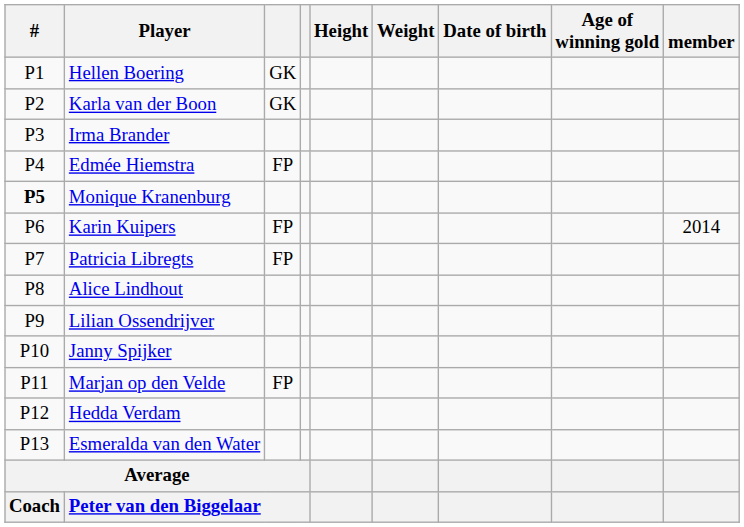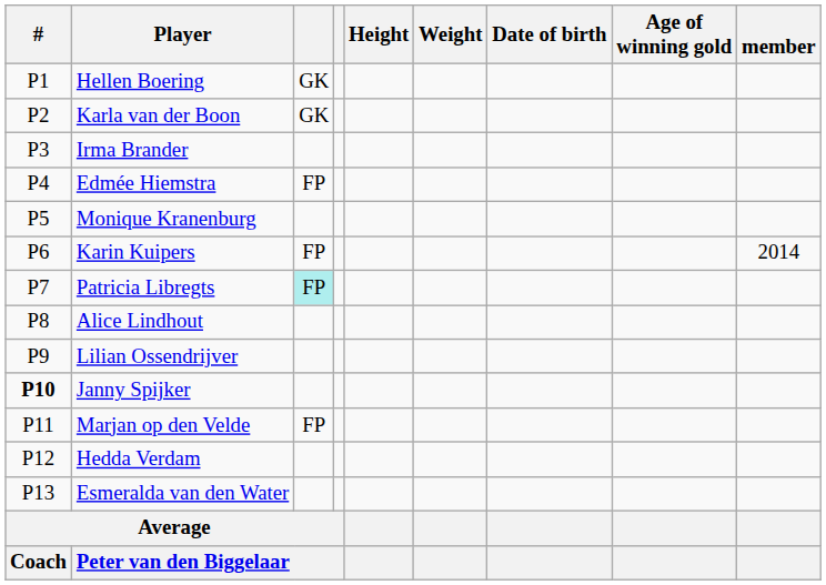 <table class="wikitable sortable" style="text-align: center; font-size: 85%; margin-left: 1em;">
 <tr>
 <th>#</th>
 <th>Player</th>
 <th></th>
 <th></th>
 <th>Height</th>
 <th>Weight</th>
 <th>Date of birth</th>
 <th>Age of<br>winning gold</th>
 <th><br>member</th>
 </tr>
 <tr>
 <td>P1</td>
 <td style="text-align: left;" data-sort-value="Boering, Hellen"><a href='#'>Hellen Boering</a></td>
 <td>GK</td>
 <td></td>
 <td style="text-align: left;"></td>
 <td style="text-align: right;"></td>
 <td style="text-align: right;"></td>
 <td style="text-align: left;"></td>
 <td></td>
 </tr>
 <tr>
 <td>P2</td>
 <td style="text-align: left;" data-sort-value="van der Boon, Karla"><a href='#'>Karla van der Boon</a></td>
 <td>GK</td>
 <td></td>
 <td style="text-align: left;"></td>
 <td style="text-align: right;"></td>
 <td style="text-align: right;"></td>
 <td style="text-align: left;"></td>
 <td></td>
 </tr>
 <tr>
 <td>P3</td>
 <td style="text-align: left;" data-sort-value="Brander, Irma"><a href='#'>Irma Brander</a></td>
 <td></td>
 <td></td>
 <td style="text-align: left;"></td>
 <td style="text-align: right;"></td>
 <td style="text-align: right;"></td>
 <td style="text-align: left;"></td>
 <td></td>
 </tr>
 <tr>
 <td>P4</td>
 <td style="text-align: left;" data-sort-value="Hiemstra, Edmée"><a href='#'>Edmée Hiemstra</a></td>
 <td>FP</td>
 <td></td>
 <td style="text-align: left;"></td>
 <td style="text-align: right;"></td>
 <td style="text-align: right;"></td>
 <td style="text-align: left;"></td>
 <td></td>
 </tr>
 <tr>
-<td><strong>P5</strong></td>
+<td>P5</td>
 <td style="text-align: left;" data-sort-value="Kranenburg, Monique"><a href='#'>Monique Kranenburg</a></td>
 <td></td>
 <td></td>
 <td style="text-align: left;"></td>
 <td style="text-align: right;"></td>
 <td style="text-align: right;"></td>
 <td style="text-align: left;"></td>
 <td></td>
 </tr>
 <tr>
 <td>P6</td>
 <td style="text-align: left;" data-sort-value="Kuipers, Karin"><a href='#'>Karin Kuipers</a></td>
 <td>FP</td>
 <td></td>
 <td style="text-align: left;"></td>
 <td style="text-align: right;"></td>
 <td style="text-align: right;"></td>
 <td style="text-align: left;"></td>
 <td>2014</td>
 </tr>
 <tr>
 <td>P7</td>
 <td style="text-align: left;" data-sort-value="Libregts, Patricia"><a href='#'>Patricia Libregts</a></td>
-<td>FP</td>
+<td style="background: paleturquoise;">FP</td>
 <td></td>
 <td style="text-align: left;"></td>
 <td style="text-align: right;"></td>
 <td style="text-align: right;"></td>
 <td style="text-align: left;"></td>
 <td></td>
 </tr>
 <tr>
 <td>P8</td>
 <td style="text-align: left;" data-sort-value="Lindhout, Alice"><a href='#'>Alice Lindhout</a></td>
 <td></td>
 <td></td>
 <td style="text-align: left;"></td>
 <td style="text-align: right;"></td>
 <td style="text-align: right;"></td>
 <td style="text-align: left;"></td>
 <td></td>
 </tr>
 <tr>
 <td>P9</td>
 <td style="text-align: left;" data-sort-value="Ossendrijver, Lilian"><a href='#'>Lilian Ossendrijver</a></td>
 <td></td>
 <td></td>
 <td style="text-align: left;"></td>
 <td style="text-align: right;"></td>
 <td style="text-align: right;"></td>
 <td style="text-align: left;"></td>
 <td></td>
 </tr>
 <tr>
-<td>P10</td>
+<td><strong>P10</strong></td>
 <td style="text-align: left;" data-sort-value="Spijker, Janny"><a href='#'>Janny Spijker</a></td>
 <td></td>
 <td></td>
 <td style="text-align: left;"></td>
 <td style="text-align: right;"></td>
 <td style="text-align: right;"></td>
 <td style="text-align: left;"></td>
 <td></td>
 </tr>
 <tr>
 <td>P11</td>
 <td style="text-align: left;" data-sort-value="op den Velde, Marjan"><a href='#'>Marjan op den Velde</a></td>
 <td>FP</td>
 <td></td>
 <td style="text-align: left;"></td>
 <td style="text-align: right;"></td>
 <td style="text-align: right;"></td>
 <td style="text-align: left;"></td>
 <td></td>
 </tr>
 <tr>
 <td>P12</td>
 <td style="text-align: left;" data-sort-value="Verdam, Hedda"><a href='#'>Hedda Verdam</a></td>
 <td></td>
 <td></td>
 <td style="text-align: left;"></td>
 <td style="text-align: right;"></td>
 <td style="text-align: right;"></td>
 <td style="text-align: left;"></td>
 <td></td>
 </tr>
 <tr>
 <td>P13</td>
 <td style="text-align: left;" data-sort-value="van den Water, Esmeralda"><a href='#'>Esmeralda van den Water</a></td>
 <td></td>
 <td></td>
 <td style="text-align: left;"></td>
 <td style="text-align: right;"></td>
 <td style="text-align: right;"></td>
 <td style="text-align: left;"></td>
 <td></td>
 </tr>
 <tr>
 <th colspan="4">Average</th>
 <th style="text-align: left;"></th>
 <th style="text-align: right;"></th>
 <th style="text-align: right;"></th>
 <th style="text-align: left;"></th>
 <th></th>
 </tr>
 <tr>
 <th>Coach</th>
 <th colspan="3" style="text-align: left;"><a href='#'>Peter van den Biggelaar</a></th>
 <th style="text-align: left;"></th>
 <th></th>
 <th style="text-align: right;"></th>
 <th style="text-align: left;"></th>
 <th></th>
 </tr>
 </table>
